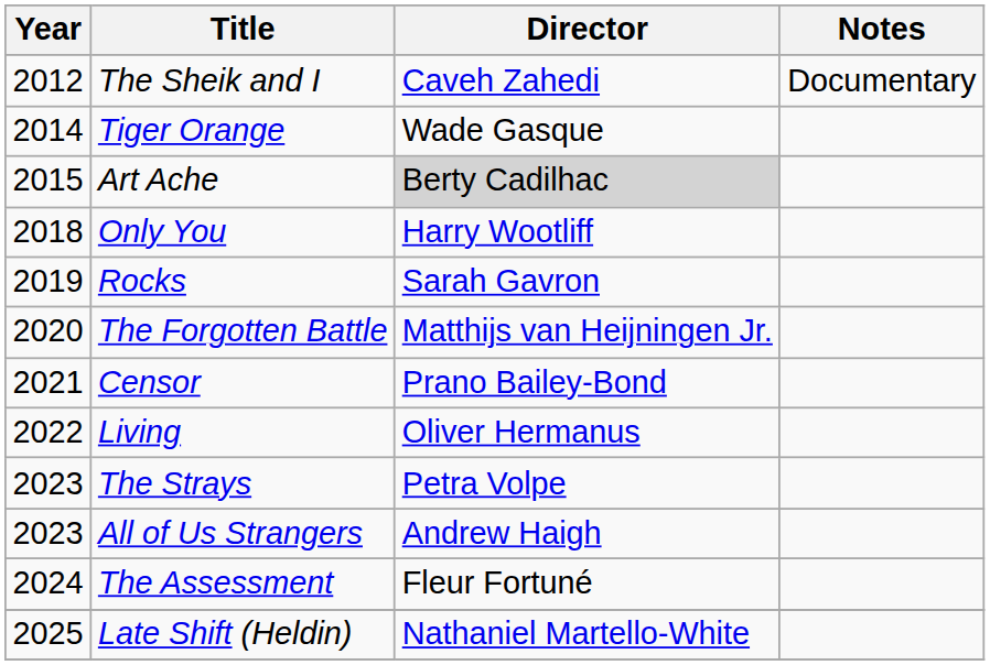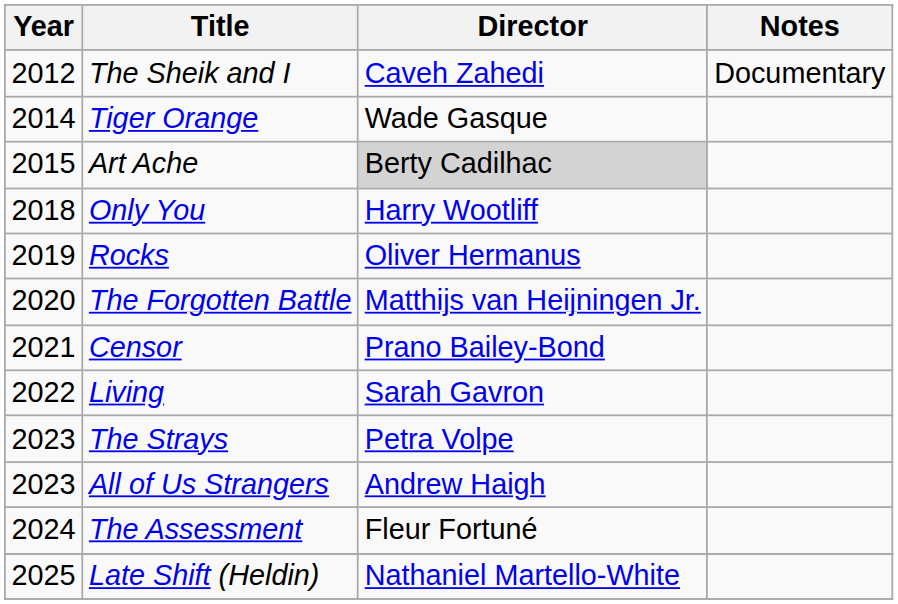 <table class="wikitable">
 <tr>
 <th>Year</th>
 <th>Title</th>
 <th>Director</th>
 <th>Notes</th>
 </tr>
 <tr>
 <td>2012</td>
 <td><em>The Sheik and I</em></td>
 <td><a href='#'>Caveh Zahedi</a></td>
 <td>Documentary</td>
 </tr>
 <tr>
 <td>2014</td>
 <td><em><a href='#'>Tiger Orange</a></em></td>
 <td>Wade Gasque</td>
 <td></td>
 </tr>
 <tr>
 <td>2015</td>
 <td><em>Art Ache</em></td>
 <td style="background: lightgrey;">Berty Cadilhac</td>
 <td></td>
 </tr>
 <tr>
 <td>2018</td>
 <td><em><a href='#'>Only You</a></em></td>
 <td><a href='#'>Harry Wootliff</a></td>
 <td></td>
 </tr>
 <tr>
 <td>2019</td>
 <td><em><a href='#'>Rocks</a></em></td>
-<td><a href='#'>Sarah Gavron</a></td>
+<td><a href='#'>Oliver Hermanus</a></td>
 <td></td>
 </tr>
 <tr>
 <td>2020</td>
 <td><em><a href='#'>The Forgotten Battle</a></em></td>
 <td><a href='#'>Matthijs van Heijningen Jr.</a></td>
 <td></td>
 </tr>
 <tr>
 <td>2021</td>
 <td><em><a href='#'>Censor</a></em></td>
 <td><a href='#'>Prano Bailey-Bond</a></td>
 <td></td>
 </tr>
 <tr>
 <td>2022</td>
 <td><em><a href='#'>Living</a></em></td>
-<td><a href='#'>Oliver Hermanus</a></td>
+<td><a href='#'>Sarah Gavron</a></td>
 <td></td>
 </tr>
 <tr>
 <td>2023</td>
 <td><em><a href='#'>The Strays</a></em></td>
 <td><a href='#'>Petra Volpe</a></td>
 <td></td>
 </tr>
 <tr>
 <td>2023</td>
 <td><em><a href='#'>All of Us Strangers</a></em></td>
 <td><a href='#'>Andrew Haigh</a></td>
 <td></td>
 </tr>
 <tr>
 <td>2024</td>
 <td><em><a href='#'>The Assessment</a></em></td>
 <td>Fleur Fortuné</td>
 <td></td>
 </tr>
 <tr>
 </tr>
 <tr>
 <td>2025</td>
 <td><em><a href='#'>Late Shift</a> (Heldin)</em></td>
 <td><a href='#'>Nathaniel Martello-White</a></td>
 <td></td>
 </tr>
 <tr>
 </tr>
 </table>
